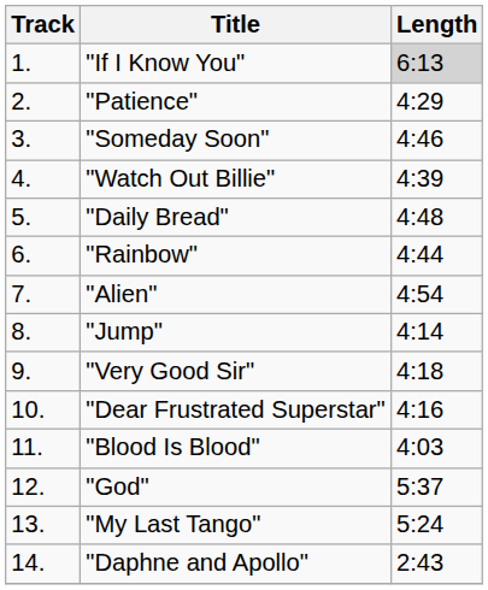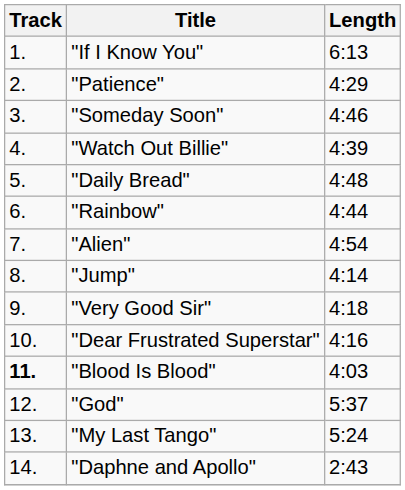 <table class="wikitable">
 <tr>
 <th>Track</th>
 <th>Title</th>
 <th>Length</th>
 </tr>
 <tr>
 <td>1.</td>
 <td>"If I Know You"</td>
-<td style="background: lightgrey;">6:13</td>
+<td>6:13</td>
 </tr>
 <tr>
 <td>2.</td>
 <td>"Patience"</td>
 <td>4:29</td>
 </tr>
 <tr>
 <td>3.</td>
 <td>"Someday Soon"</td>
 <td>4:46</td>
 </tr>
 <tr>
 <td>4.</td>
 <td>"Watch Out Billie"</td>
 <td>4:39</td>
 </tr>
 <tr>
 <td>5.</td>
 <td>"Daily Bread"</td>
 <td>4:48</td>
 </tr>
 <tr>
 <td>6.</td>
 <td>"Rainbow"</td>
 <td>4:44</td>
 </tr>
 <tr>
 <td>7.</td>
 <td>"Alien"</td>
 <td>4:54</td>
 </tr>
 <tr>
 <td>8.</td>
 <td>"Jump"</td>
 <td>4:14</td>
 </tr>
 <tr>
 <td>9.</td>
 <td>"Very Good Sir"</td>
 <td>4:18</td>
 </tr>
 <tr>
 <td>10.</td>
 <td>"Dear Frustrated Superstar"</td>
 <td>4:16</td>
 </tr>
 <tr>
-<td>11.</td>
+<td><strong>11.</strong></td>
 <td>"Blood Is Blood"</td>
 <td>4:03</td>
 </tr>
 <tr>
 <td>12.</td>
 <td>"God"</td>
 <td>5:37</td>
 </tr>
 <tr>
 <td>13.</td>
 <td>"My Last Tango"</td>
 <td>5:24</td>
 </tr>
 <tr>
 <td>14.</td>
 <td>"Daphne and Apollo"</td>
 <td>2:43</td>
 </tr>
 <tr>
 </tr>
 </table>
